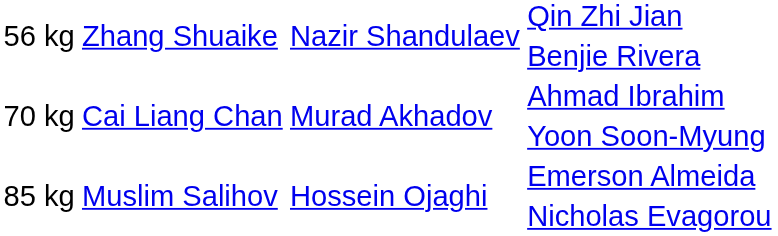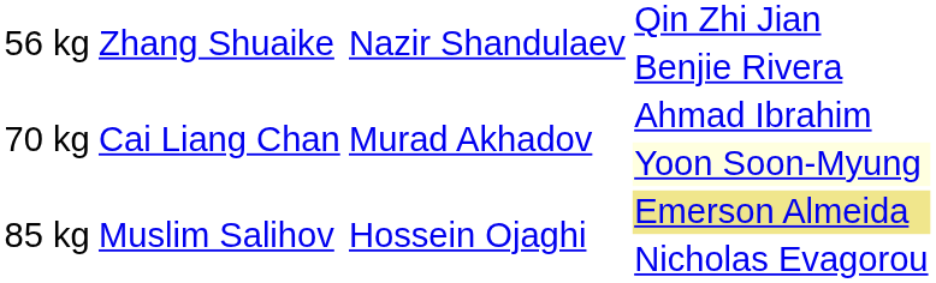 <table>
 <tr>
 <td rowspan=2>56 kg <br></td>
 <td rowspan=2><a href='#'>Zhang Shuaike</a><br></td>
 <td rowspan=2><a href='#'>Nazir Shandulaev</a><br></td>
 <td><a href='#'>Qin Zhi Jian</a><br></td>
 </tr>
 <tr>
 <td><a href='#'>Benjie Rivera</a><br></td>
 </tr>
 <tr>
 <td rowspan=2>70 kg <br></td>
 <td rowspan=2><a href='#'>Cai Liang Chan</a><br></td>
 <td rowspan=2><a href='#'>Murad Akhadov</a><br></td>
 <td><a href='#'>Ahmad Ibrahim</a><br></td>
 </tr>
 <tr>
-<td><a href='#'>Yoon Soon-Myung</a><br></td>
+<td style="background: lightyellow;"><a href='#'>Yoon Soon-Myung</a><br></td>
 </tr>
 <tr>
 <td rowspan=2>85 kg <br></td>
 <td rowspan=2><a href='#'>Muslim Salihov</a><br></td>
 <td rowspan=2><a href='#'>Hossein Ojaghi</a><br></td>
-<td><a href='#'>Emerson Almeida</a><br></td>
+<td style="background: khaki;"><a href='#'>Emerson Almeida</a><br></td>
 </tr>
 <tr>
 <td><a href='#'>Nicholas Evagorou</a><br></td>
 </tr>
 </table>
